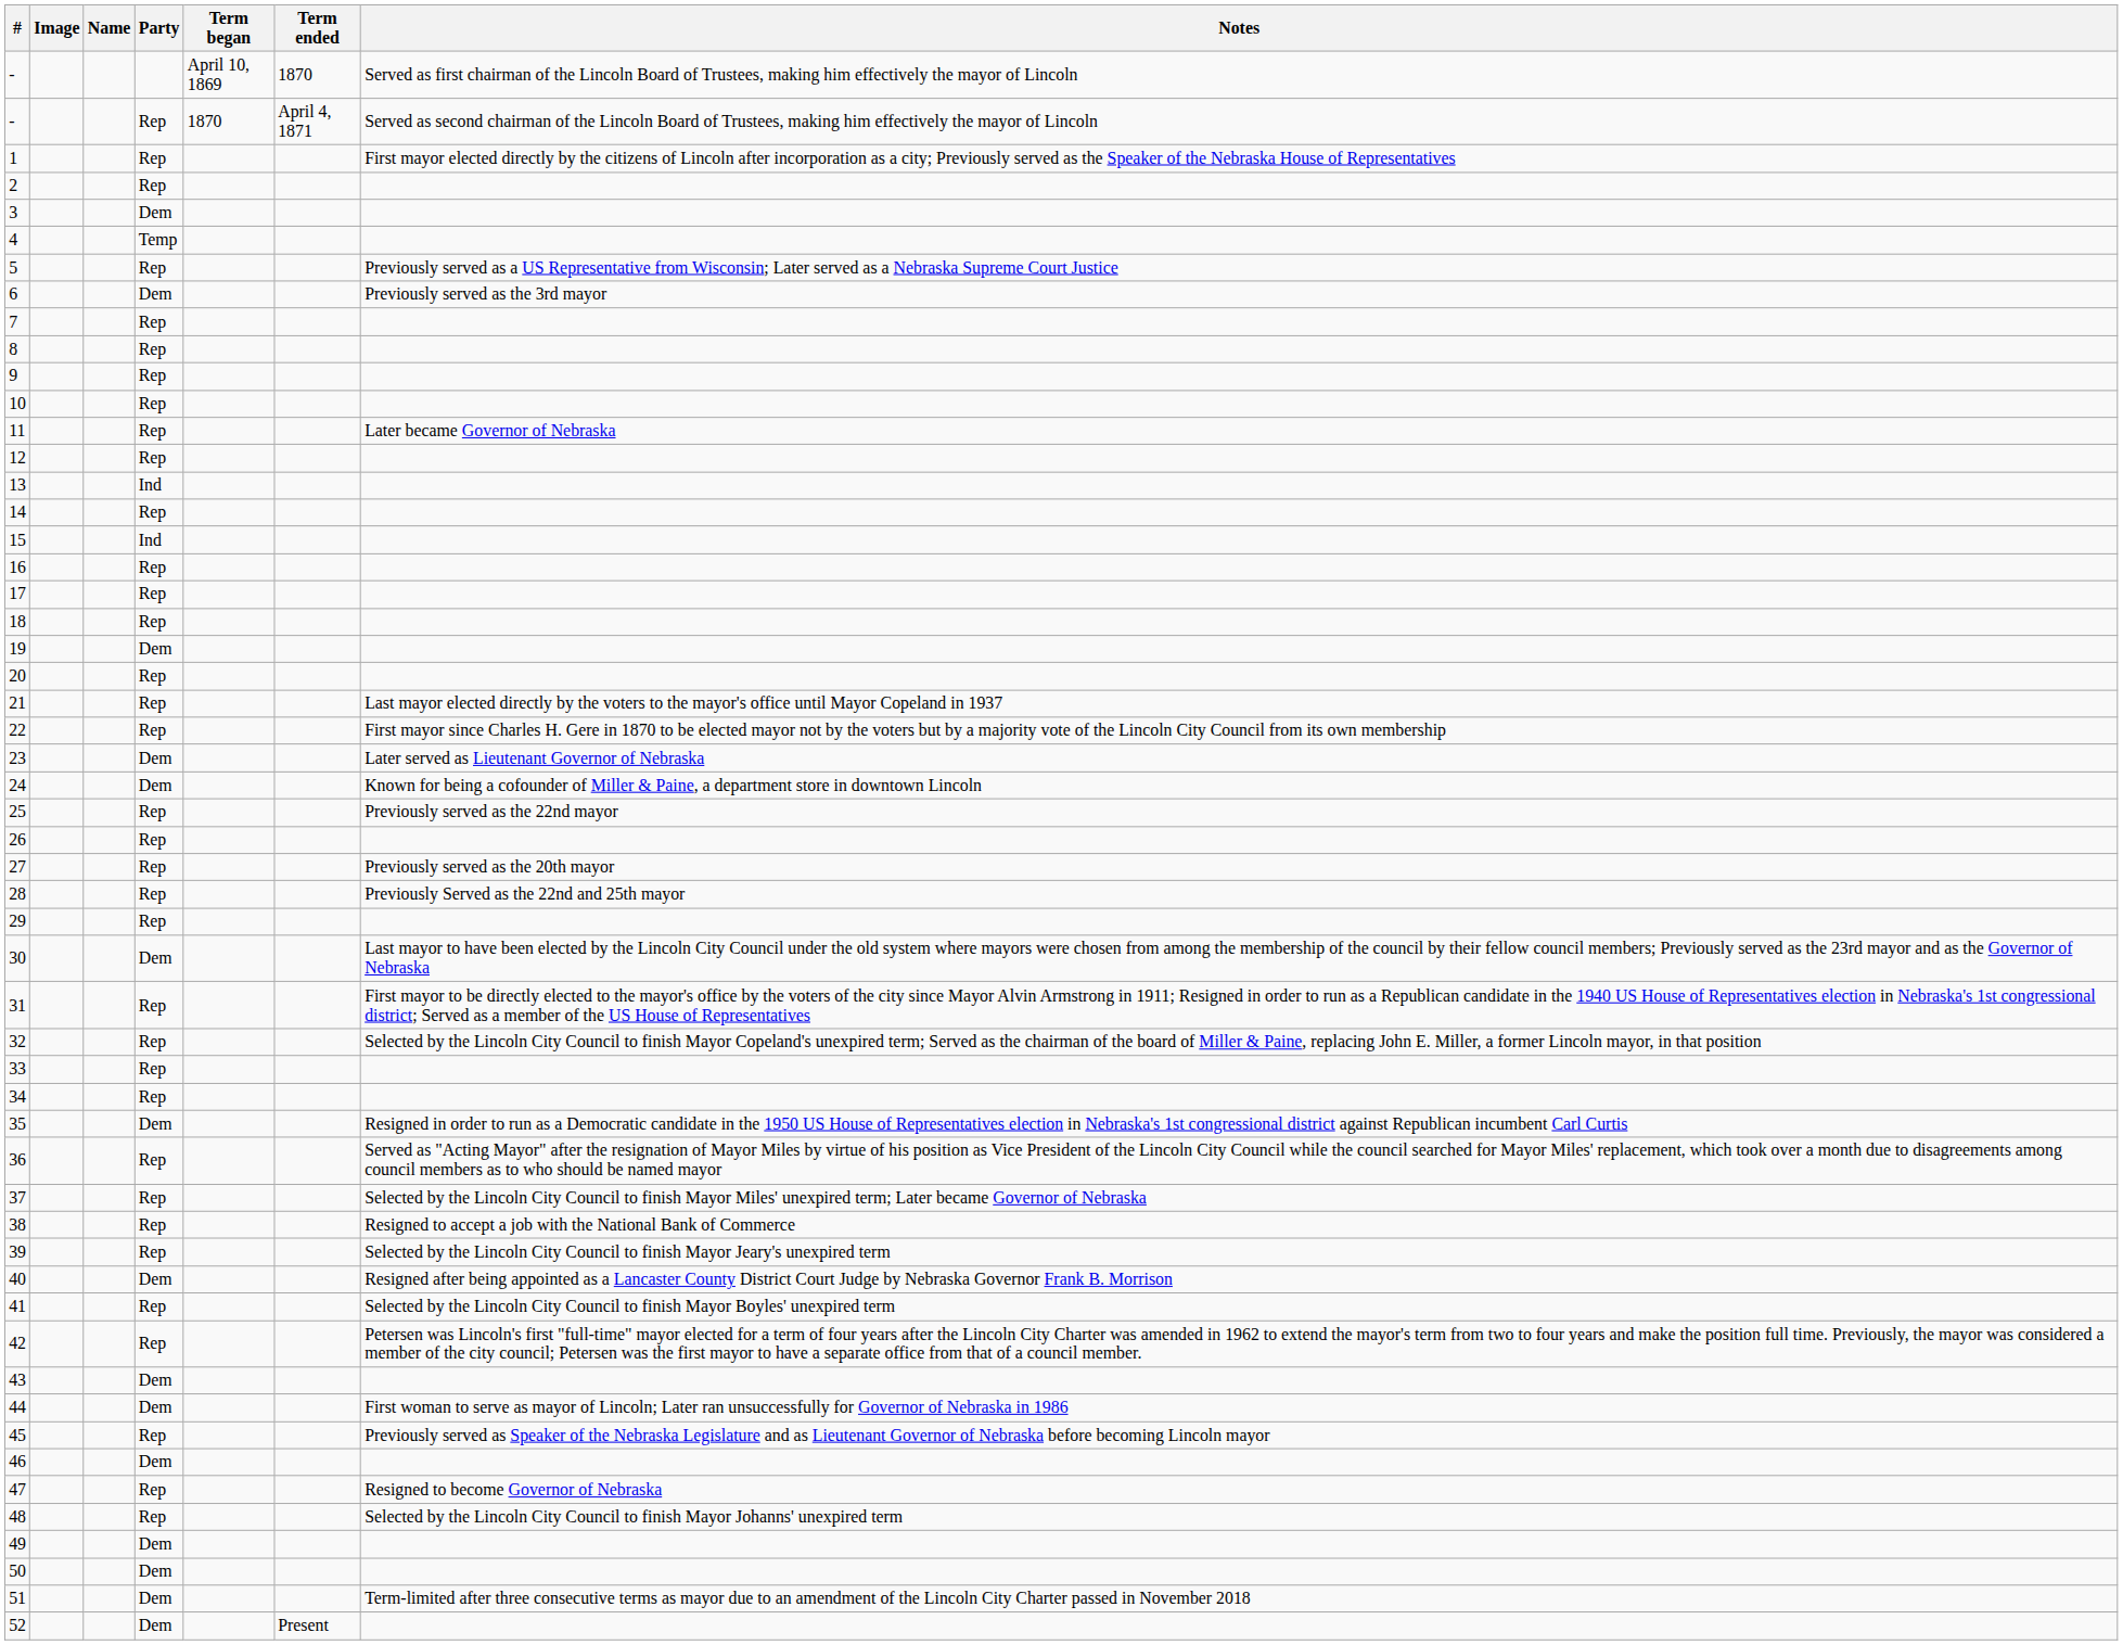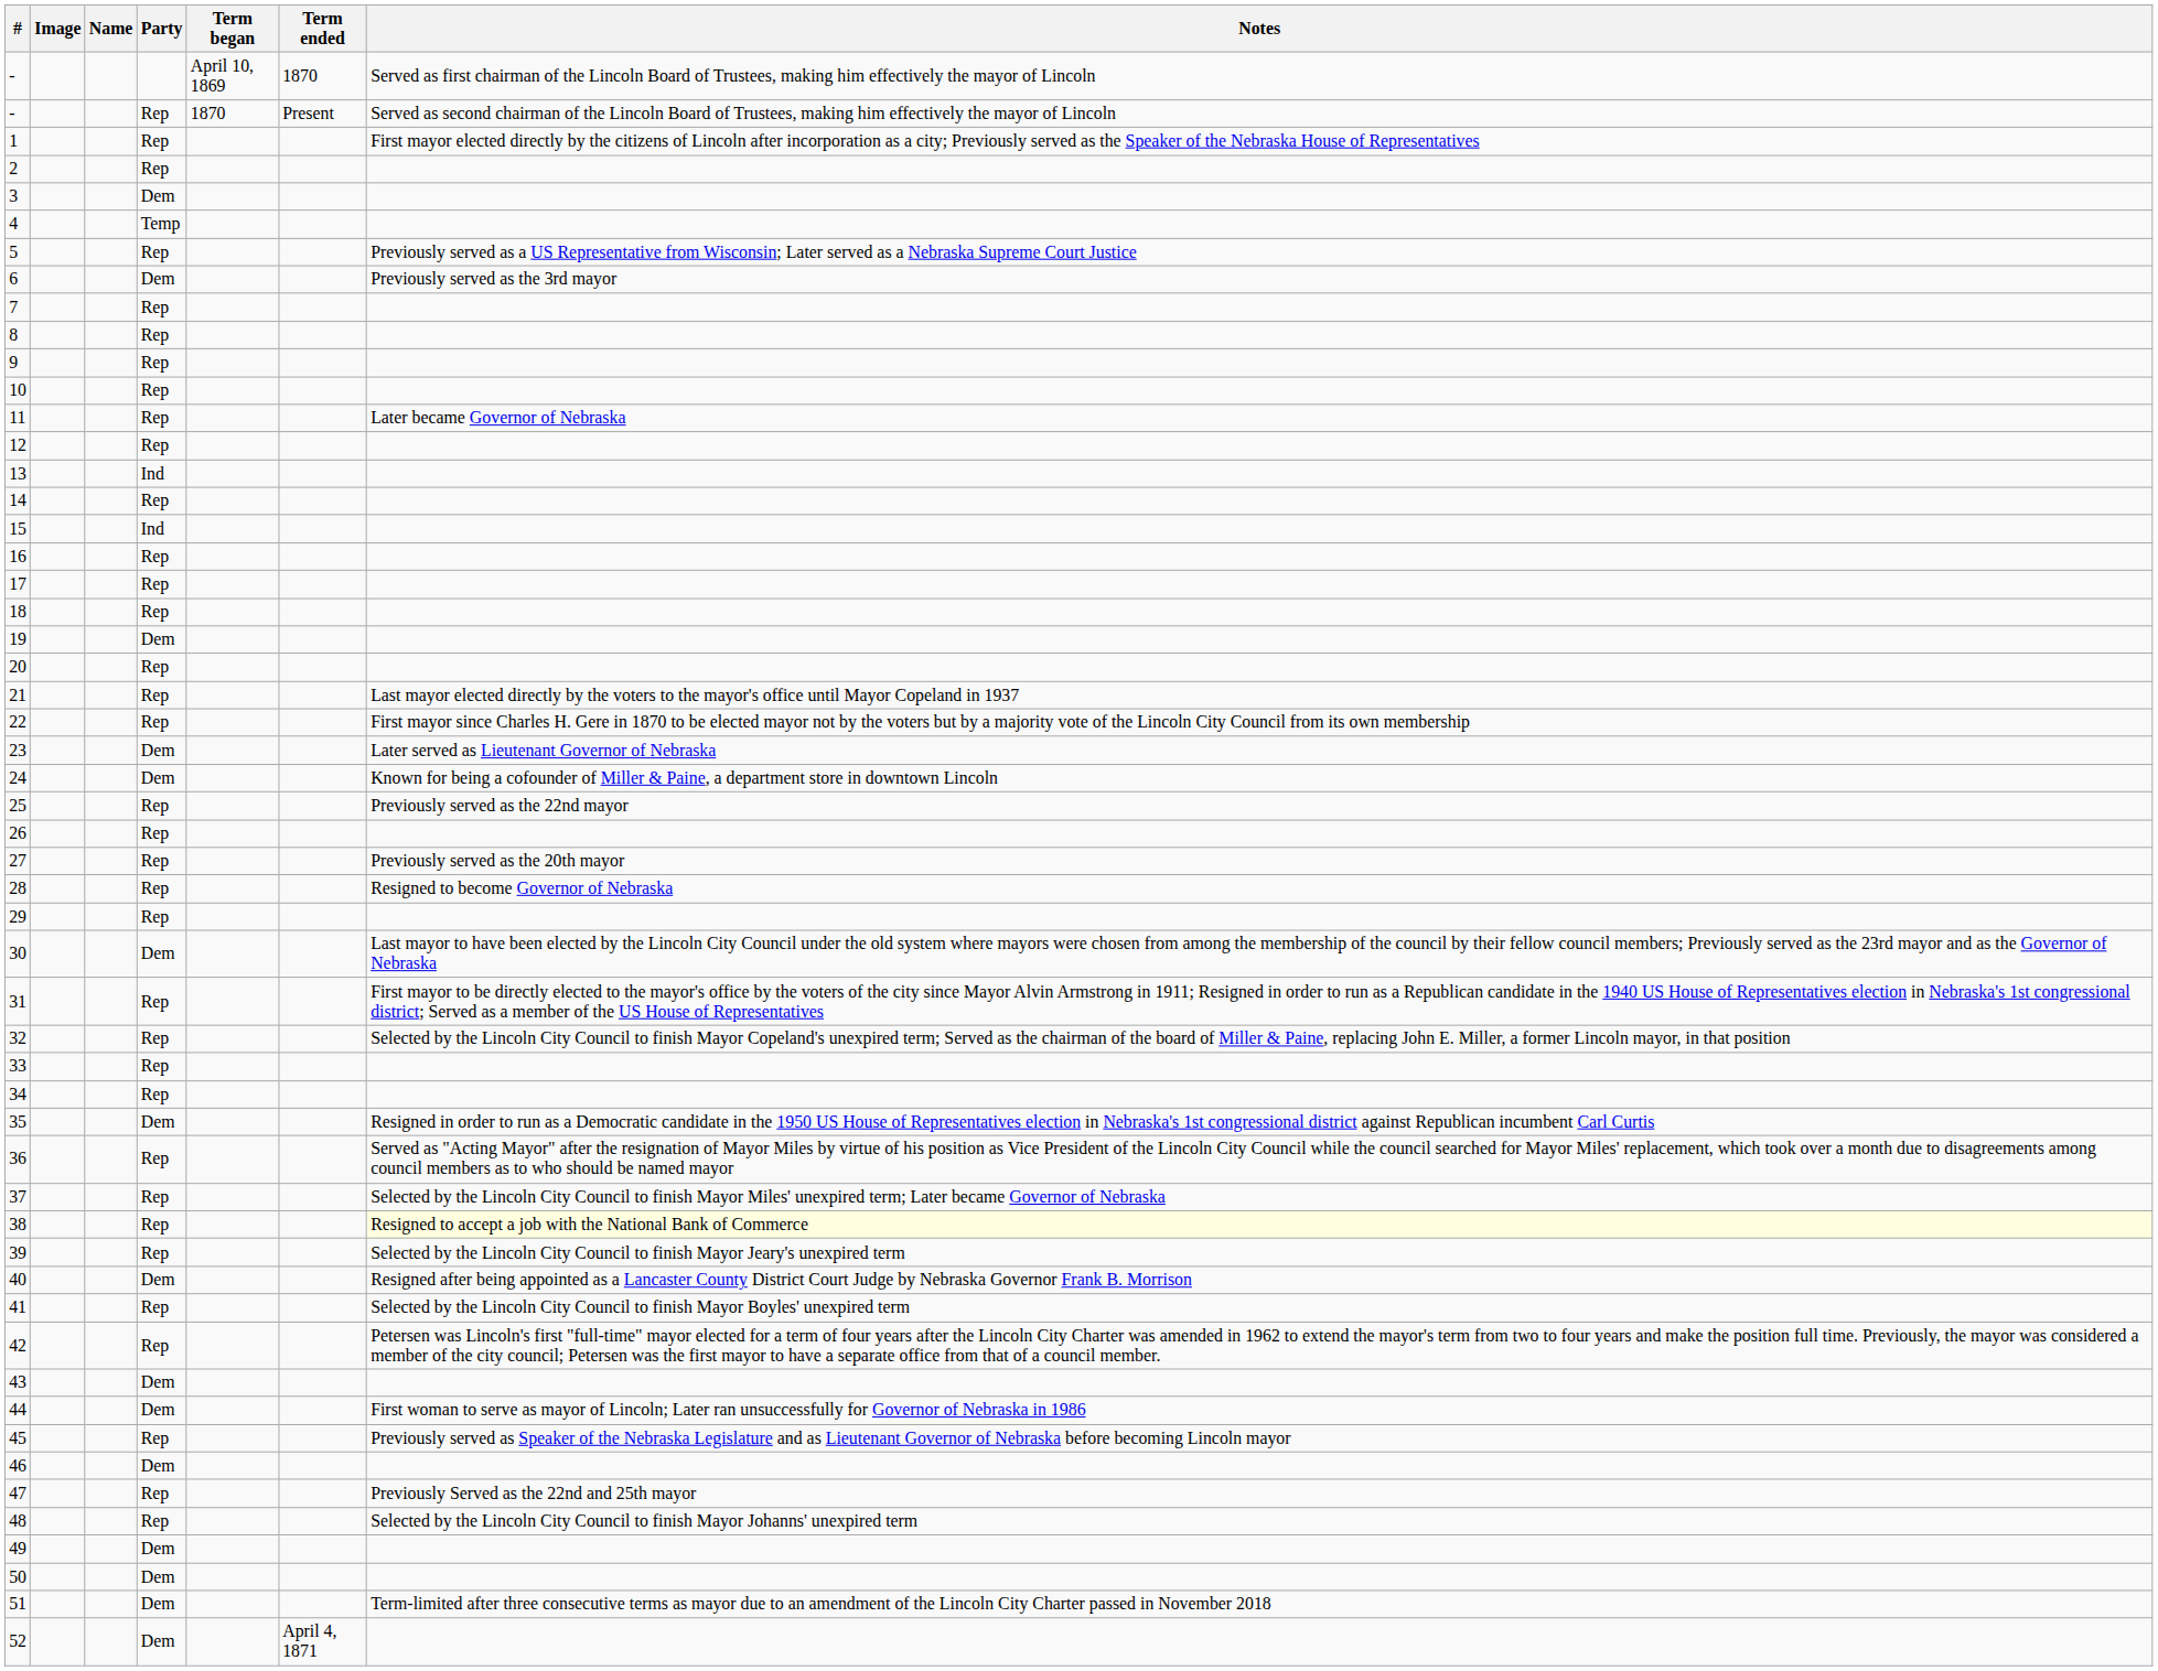 <table class="wikitable sortable">
 <tr>
 <th>#</th>
 <th>Image</th>
 <th>Name</th>
 <th>Party</th>
 <th>Term began</th>
 <th>Term ended</th>
 <th>Notes</th>
 </tr>
 <tr>
 <td>-</td>
 <td></td>
 <td></td>
 <td></td>
 <td>April 10, 1869</td>
 <td>1870</td>
 <td>Served as first chairman of the Lincoln Board of Trustees, making him effectively the mayor of Lincoln</td>
 </tr>
 <tr>
 <td>-</td>
 <td></td>
 <td></td>
 <td>Rep</td>
 <td>1870</td>
-<td>April 4, 1871</td>
+<td>Present</td>
 <td>Served as second chairman of the Lincoln Board of Trustees, making him effectively the mayor of Lincoln</td>
 </tr>
 <tr>
 <td>1</td>
 <td></td>
 <td></td>
 <td>Rep</td>
 <td></td>
 <td></td>
 <td>First mayor elected directly by the citizens of Lincoln after incorporation as a city; Previously served as the <a href='#'>Speaker of the Nebraska House of Representatives</a></td>
 </tr>
 <tr>
 <td>2</td>
 <td></td>
 <td></td>
 <td>Rep</td>
 <td></td>
 <td></td>
 <td></td>
 </tr>
 <tr>
 <td>3</td>
 <td></td>
 <td></td>
 <td>Dem</td>
 <td></td>
 <td></td>
 <td></td>
 </tr>
 <tr>
 <td>4</td>
 <td></td>
 <td></td>
 <td>Temp</td>
 <td></td>
 <td></td>
 <td></td>
 </tr>
 <tr>
 <td>5</td>
 <td></td>
 <td></td>
 <td>Rep</td>
 <td></td>
 <td></td>
 <td>Previously served as a <a href='#'>US Representative from Wisconsin</a>; Later served as a <a href='#'>Nebraska Supreme Court Justice</a></td>
 </tr>
 <tr>
 <td>6</td>
 <td></td>
 <td></td>
 <td>Dem</td>
 <td></td>
 <td></td>
 <td>Previously served as the 3rd mayor</td>
 </tr>
 <tr>
 <td>7</td>
 <td></td>
 <td></td>
 <td>Rep</td>
 <td></td>
 <td></td>
 <td></td>
 </tr>
 <tr>
 <td>8</td>
 <td></td>
 <td></td>
 <td>Rep</td>
 <td></td>
 <td></td>
 <td></td>
 </tr>
 <tr>
 <td>9</td>
 <td></td>
 <td></td>
 <td>Rep</td>
 <td></td>
 <td></td>
 <td></td>
 </tr>
 <tr>
 <td>10</td>
 <td></td>
 <td></td>
 <td>Rep</td>
 <td></td>
 <td></td>
 <td></td>
 </tr>
 <tr>
 <td>11</td>
 <td></td>
 <td></td>
 <td>Rep</td>
 <td></td>
 <td></td>
 <td>Later became <a href='#'>Governor of Nebraska</a></td>
 </tr>
 <tr>
 <td>12</td>
 <td></td>
 <td></td>
 <td>Rep</td>
 <td></td>
 <td></td>
 <td></td>
 </tr>
 <tr>
 <td>13</td>
 <td></td>
 <td></td>
 <td>Ind</td>
 <td></td>
 <td></td>
 <td></td>
 </tr>
 <tr>
 <td>14</td>
 <td></td>
 <td></td>
 <td>Rep</td>
 <td></td>
 <td></td>
 <td></td>
 </tr>
 <tr>
 <td>15</td>
 <td></td>
 <td></td>
 <td>Ind</td>
 <td></td>
 <td></td>
 <td></td>
 </tr>
 <tr>
 <td>16</td>
 <td></td>
 <td></td>
 <td>Rep</td>
 <td></td>
 <td></td>
 <td></td>
 </tr>
 <tr>
 <td>17</td>
 <td></td>
 <td></td>
 <td>Rep</td>
 <td></td>
 <td></td>
 <td></td>
 </tr>
 <tr>
 <td>18</td>
 <td></td>
 <td></td>
 <td>Rep</td>
 <td></td>
 <td></td>
 <td></td>
 </tr>
 <tr>
 <td>19</td>
 <td></td>
 <td></td>
 <td>Dem</td>
 <td></td>
 <td></td>
 <td></td>
 </tr>
 <tr>
 <td>20</td>
 <td></td>
 <td></td>
 <td>Rep</td>
 <td></td>
 <td></td>
 <td></td>
 </tr>
 <tr>
 <td>21</td>
 <td></td>
 <td></td>
 <td>Rep</td>
 <td></td>
 <td></td>
 <td>Last mayor elected directly by the voters to the mayor's office until Mayor Copeland in 1937</td>
 </tr>
 <tr>
 <td>22</td>
 <td></td>
 <td></td>
 <td>Rep</td>
 <td></td>
 <td></td>
 <td>First mayor since Charles H. Gere in 1870 to be elected mayor not by the voters but by a majority vote of the Lincoln City Council from its own membership</td>
 </tr>
 <tr>
 <td>23</td>
 <td></td>
 <td></td>
 <td>Dem</td>
 <td></td>
 <td></td>
 <td>Later served as <a href='#'>Lieutenant Governor of Nebraska</a></td>
 </tr>
 <tr>
 <td>24</td>
 <td></td>
 <td></td>
 <td>Dem</td>
 <td></td>
 <td></td>
 <td>Known for being a cofounder of <a href='#'>Miller & Paine</a>, a department store in downtown Lincoln</td>
 </tr>
 <tr>
 <td>25</td>
 <td></td>
 <td></td>
 <td>Rep</td>
 <td></td>
 <td></td>
 <td>Previously served as the 22nd mayor</td>
 </tr>
 <tr>
 <td>26</td>
 <td></td>
 <td></td>
 <td>Rep</td>
 <td></td>
 <td></td>
 <td></td>
 </tr>
 <tr>
 <td>27</td>
 <td></td>
 <td></td>
 <td>Rep</td>
 <td></td>
 <td></td>
 <td>Previously served as the 20th mayor</td>
 </tr>
 <tr>
 <td>28</td>
 <td></td>
 <td></td>
 <td>Rep</td>
 <td></td>
 <td></td>
-<td>Previously Served as the 22nd and 25th mayor</td>
+<td>Resigned to become <a href='#'>Governor of Nebraska</a></td>
 </tr>
 <tr>
 <td>29</td>
 <td></td>
 <td></td>
 <td>Rep</td>
 <td></td>
 <td></td>
 <td></td>
 </tr>
 <tr>
 <td>30</td>
 <td></td>
 <td></td>
 <td>Dem</td>
 <td></td>
 <td></td>
 <td>Last mayor to have been elected by the Lincoln City Council under the old system where mayors were chosen from among the membership of the council by their fellow council members; Previously served as the 23rd mayor and as the <a href='#'>Governor of Nebraska</a></td>
 </tr>
 <tr>
 <td>31</td>
 <td></td>
 <td></td>
 <td>Rep</td>
 <td></td>
 <td></td>
 <td>First mayor to be directly elected to the mayor's office by the voters of the city since Mayor Alvin Armstrong in 1911; Resigned in order to run as a Republican candidate in the <a href='#'>1940 US House of Representatives election</a> in <a href='#'>Nebraska's 1st congressional district</a>; Served as a member of the <a href='#'>US House of Representatives</a></td>
 </tr>
 <tr>
 <td>32</td>
 <td></td>
 <td></td>
 <td>Rep</td>
 <td></td>
 <td></td>
 <td>Selected by the Lincoln City Council to finish Mayor Copeland's unexpired term; Served as the chairman of the board of <a href='#'>Miller & Paine</a>, replacing John E. Miller, a former Lincoln mayor, in that position</td>
 </tr>
 <tr>
 <td>33</td>
 <td></td>
 <td></td>
 <td>Rep</td>
 <td></td>
 <td></td>
 <td></td>
 </tr>
 <tr>
 <td>34</td>
 <td></td>
 <td></td>
 <td>Rep</td>
 <td></td>
 <td></td>
 <td></td>
 </tr>
 <tr>
 <td>35</td>
 <td></td>
 <td></td>
 <td>Dem</td>
 <td></td>
 <td></td>
 <td>Resigned in order to run as a Democratic candidate in the <a href='#'>1950 US House of Representatives election</a> in <a href='#'>Nebraska's 1st congressional district</a> against Republican incumbent <a href='#'>Carl Curtis</a></td>
 </tr>
 <tr>
 <td>36</td>
 <td></td>
 <td></td>
 <td>Rep</td>
 <td></td>
 <td></td>
 <td>Served as "Acting Mayor" after the resignation of Mayor Miles by virtue of his position as Vice President of the Lincoln City Council while the council searched for Mayor Miles' replacement, which took over a month due to disagreements among council members as to who should be named mayor</td>
 </tr>
 <tr>
 <td>37</td>
 <td></td>
 <td></td>
 <td>Rep</td>
 <td></td>
 <td></td>
 <td>Selected by the Lincoln City Council to finish Mayor Miles' unexpired term; Later became <a href='#'>Governor of Nebraska</a></td>
 </tr>
 <tr>
 <td>38</td>
 <td></td>
 <td></td>
 <td>Rep</td>
 <td></td>
 <td></td>
-<td>Resigned to accept a job with the National Bank of Commerce</td>
+<td style="background: lightyellow;">Resigned to accept a job with the National Bank of Commerce</td>
 </tr>
 <tr>
 <td>39</td>
 <td></td>
 <td></td>
 <td>Rep</td>
 <td></td>
 <td></td>
 <td>Selected by the Lincoln City Council to finish Mayor Jeary's unexpired term</td>
 </tr>
 <tr>
 <td>40</td>
 <td></td>
 <td></td>
 <td>Dem</td>
 <td></td>
 <td></td>
 <td>Resigned after being appointed as a <a href='#'>Lancaster County</a> District Court Judge by Nebraska Governor <a href='#'>Frank B. Morrison</a></td>
 </tr>
 <tr>
 <td>41</td>
 <td></td>
 <td></td>
 <td>Rep</td>
 <td></td>
 <td></td>
 <td>Selected by the Lincoln City Council to finish Mayor Boyles' unexpired term</td>
 </tr>
 <tr>
 <td>42</td>
 <td></td>
 <td></td>
 <td>Rep</td>
 <td></td>
 <td></td>
 <td>Petersen was Lincoln's first "full-time" mayor elected for a term of four years after the Lincoln City Charter was amended in 1962 to extend the mayor's term from two to four years and make the position full time. Previously, the mayor was considered a member of the city council; Petersen was the first mayor to have a separate office from that of a council member.</td>
 </tr>
 <tr>
 <td>43</td>
 <td></td>
 <td></td>
 <td>Dem</td>
 <td></td>
 <td></td>
 <td></td>
 </tr>
 <tr>
 <td>44</td>
 <td></td>
 <td></td>
 <td>Dem</td>
 <td></td>
 <td></td>
 <td>First woman to serve as mayor of Lincoln; Later ran unsuccessfully for <a href='#'>Governor of Nebraska in 1986</a></td>
 </tr>
 <tr>
 <td>45</td>
 <td></td>
 <td></td>
 <td>Rep</td>
 <td></td>
 <td></td>
 <td>Previously served as <a href='#'>Speaker of the Nebraska Legislature</a> and as <a href='#'>Lieutenant Governor of Nebraska</a> before becoming Lincoln mayor</td>
 </tr>
 <tr>
 <td>46</td>
 <td></td>
 <td></td>
 <td>Dem</td>
 <td></td>
 <td></td>
 <td></td>
 </tr>
 <tr>
 <td>47</td>
 <td></td>
 <td></td>
 <td>Rep</td>
 <td></td>
 <td></td>
-<td>Resigned to become <a href='#'>Governor of Nebraska</a></td>
+<td>Previously Served as the 22nd and 25th mayor</td>
 </tr>
 <tr>
 <td>48</td>
 <td></td>
 <td></td>
 <td>Rep</td>
 <td></td>
 <td></td>
 <td>Selected by the Lincoln City Council to finish Mayor Johanns' unexpired term</td>
 </tr>
 <tr>
 <td>49</td>
 <td></td>
 <td></td>
 <td>Dem</td>
 <td></td>
 <td></td>
 <td></td>
 </tr>
 <tr>
 <td>50</td>
 <td></td>
 <td></td>
 <td>Dem</td>
 <td></td>
 <td></td>
 <td></td>
 </tr>
 <tr>
 <td>51</td>
 <td></td>
 <td></td>
 <td>Dem</td>
 <td></td>
 <td></td>
 <td>Term-limited after three consecutive terms as mayor due to an amendment of the Lincoln City Charter passed in November 2018</td>
 </tr>
 <tr>
 <td>52</td>
 <td></td>
 <td></td>
 <td>Dem</td>
 <td></td>
-<td>Present</td>
+<td>April 4, 1871</td>
 <td></td>
 </tr>
 </table>
